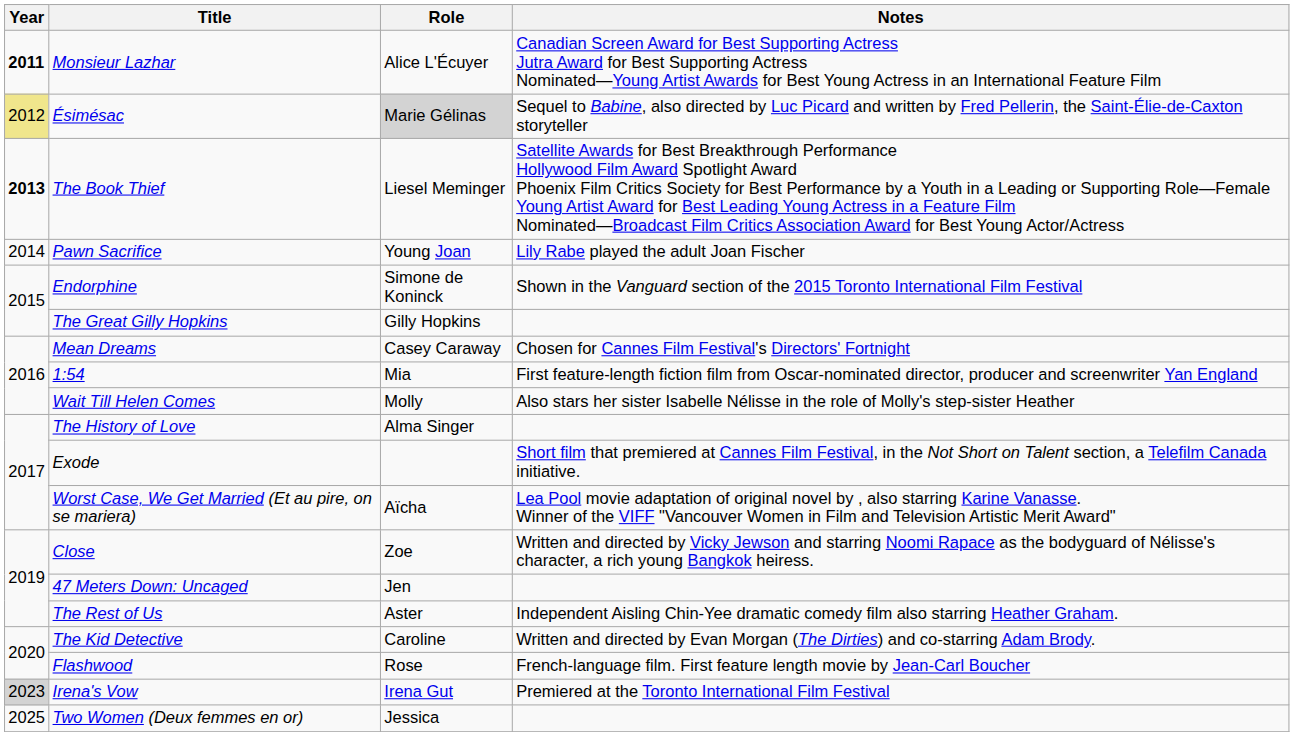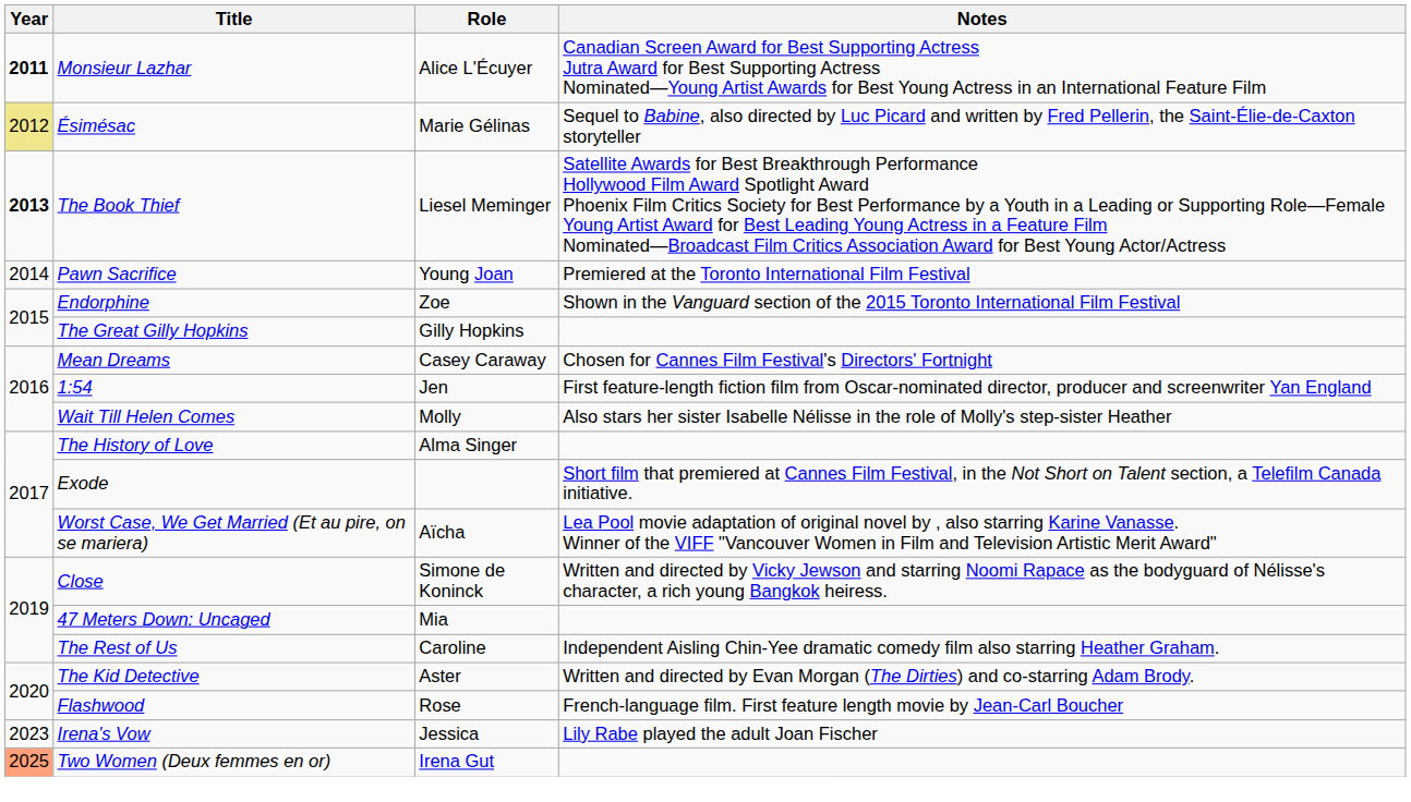 <table class="wikitable sortable">
 <tr>
 <th>Year</th>
 <th>Title</th>
 <th>Role</th>
 <th class="unsortable">Notes</th>
 </tr>
 <tr>
 <td><strong>2011</strong></td>
 <td><em><a href='#'>Monsieur Lazhar</a></em></td>
 <td>Alice L'Écuyer</td>
 <td><a href='#'>Canadian Screen Award for Best Supporting Actress</a><br> <a href='#'>Jutra Award</a> for Best Supporting Actress<br>Nominated—<a href='#'>Young Artist Awards</a> for Best Young Actress in an International Feature Film</td>
 </tr>
 <tr>
 <td style="background: khaki;">2012</td>
 <td><em><a href='#'>Ésimésac</a></em></td>
-<td style="background: lightgrey;">Marie Gélinas</td>
+<td>Marie Gélinas</td>
 <td>Sequel to <em><a href='#'>Babine</a></em>, also directed by <a href='#'>Luc Picard</a> and written by <a href='#'>Fred Pellerin</a>, the <a href='#'>Saint-Élie-de-Caxton</a> storyteller</td>
 </tr>
 <tr>
 <td><strong>2013</strong></td>
 <td data-sort-value="Book Thief, The"><em><a href='#'>The Book Thief</a></em></td>
 <td>Liesel Meminger</td>
 <td><a href='#'>Satellite Awards</a> for Best Breakthrough Performance<br> <a href='#'>Hollywood Film Award</a> Spotlight Award<br> Phoenix Film Critics Society for Best Performance by a Youth in a Leading or Supporting Role—Female<br><a href='#'>Young Artist Award</a> for <a href='#'>Best Leading Young Actress in a Feature Film</a><br>Nominated—<a href='#'>Broadcast Film Critics Association Award</a> for Best Young Actor/Actress</td>
 </tr>
 <tr>
 <td>2014</td>
 <td><em><a href='#'>Pawn Sacrifice</a></em></td>
 <td>Young <a href='#'>Joan</a></td>
-<td><a href='#'>Lily Rabe</a> played the adult Joan Fischer</td>
+<td>Premiered at the <a href='#'>Toronto International Film Festival</a></td>
 </tr>
 <tr>
 <td rowspan="2">2015</td>
 <td><em><a href='#'>Endorphine</a></em></td>
-<td>Simone de Koninck</td>
+<td>Zoe</td>
 <td>Shown in the <em>Vanguard</em> section of the <a href='#'>2015 Toronto International Film Festival</a></td>
 </tr>
 <tr>
 <td data-sort-value="Great Gilly Hopkins, The"><em><a href='#'>The Great Gilly Hopkins</a></em></td>
 <td>Gilly Hopkins</td>
 <td></td>
 </tr>
 <tr>
 <td rowspan="3">2016</td>
 <td><em><a href='#'>Mean Dreams</a></em></td>
 <td>Casey Caraway</td>
 <td>Chosen for <a href='#'>Cannes Film Festival</a>'s <a href='#'>Directors' Fortnight</a></td>
 </tr>
 <tr>
 <td><em><a href='#'>1:54</a></em></td>
-<td>Mia</td>
+<td>Jen</td>
 <td>First feature-length fiction film from Oscar-nominated director, producer and screenwriter <a href='#'>Yan England</a></td>
 </tr>
 <tr>
 <td><em><a href='#'>Wait Till Helen Comes</a></em></td>
 <td>Molly</td>
 <td>Also stars her sister Isabelle Nélisse in the role of Molly's step-sister Heather</td>
 </tr>
 <tr>
 <td rowspan="3">2017</td>
 <td data-sort-value="History of Love, The"><em><a href='#'>The History of Love</a></em></td>
 <td>Alma Singer</td>
 <td></td>
 </tr>
 <tr>
 <td><em>Exode</em></td>
 <td></td>
 <td><a href='#'>Short film</a> that premiered at <a href='#'>Cannes Film Festival</a>, in the <em>Not Short on Talent</em> section, a <a href='#'>Telefilm Canada</a> initiative.</td>
 </tr>
 <tr>
 <td><em><a href='#'>Worst Case, We Get Married</a> (Et au pire, on se mariera)</em></td>
 <td>Aïcha</td>
 <td><a href='#'>Lea Pool</a> movie adaptation of original novel by , also starring <a href='#'>Karine Vanasse</a>.<br>Winner of the <a href='#'>VIFF</a> "Vancouver Women in Film and Television Artistic Merit Award"</td>
 </tr>
 <tr>
 <td rowspan="3">2019</td>
 <td><em><a href='#'>Close</a></em></td>
-<td>Zoe</td>
+<td>Simone de Koninck</td>
 <td>Written and directed by <a href='#'>Vicky Jewson</a> and starring <a href='#'>Noomi Rapace</a> as the bodyguard of Nélisse's character, a rich young <a href='#'>Bangkok</a> heiress.</td>
 </tr>
 <tr>
 <td><em><a href='#'>47 Meters Down: Uncaged</a></em></td>
-<td>Jen</td>
+<td>Mia</td>
 <td></td>
 </tr>
 <tr>
 <td data-sort-value="Rest of Us, The"><em><a href='#'>The Rest of Us</a></em></td>
-<td>Aster</td>
+<td>Caroline</td>
 <td>Independent Aisling Chin-Yee dramatic comedy film also starring <a href='#'>Heather Graham</a>.</td>
 </tr>
 <tr>
 <td rowspan="2">2020</td>
 <td data-sort-value="Kid Detective, The"><em><a href='#'>The Kid Detective</a></em></td>
-<td>Caroline</td>
+<td>Aster</td>
 <td>Written and directed by Evan Morgan (<em><a href='#'>The Dirties</a></em>) and co-starring <a href='#'>Adam Brody</a>.</td>
 </tr>
 <tr>
 <td><em><a href='#'>Flashwood</a></em></td>
 <td>Rose</td>
 <td>French-language film. First feature length movie by <a href='#'>Jean-Carl Boucher</a></td>
 </tr>
 <tr>
-<td style="background: lightgrey;">2023</td>
+<td>2023</td>
 <td><em><a href='#'>Irena's Vow</a></em></td>
-<td><a href='#'>Irena Gut</a></td>
-<td>Premiered at the <a href='#'>Toronto International Film Festival</a></td>
+<td>Jessica</td>
+<td><a href='#'>Lily Rabe</a> played the adult Joan Fischer</td>
 </tr>
 <tr>
-<td>2025</td>
+<td style="background: lightsalmon;">2025</td>
 <td><em><a href='#'>Two Women</a> (Deux femmes en or)</em></td>
-<td>Jessica</td>
+<td><a href='#'>Irena Gut</a></td>
 <td></td>
 </tr>
 </table>
